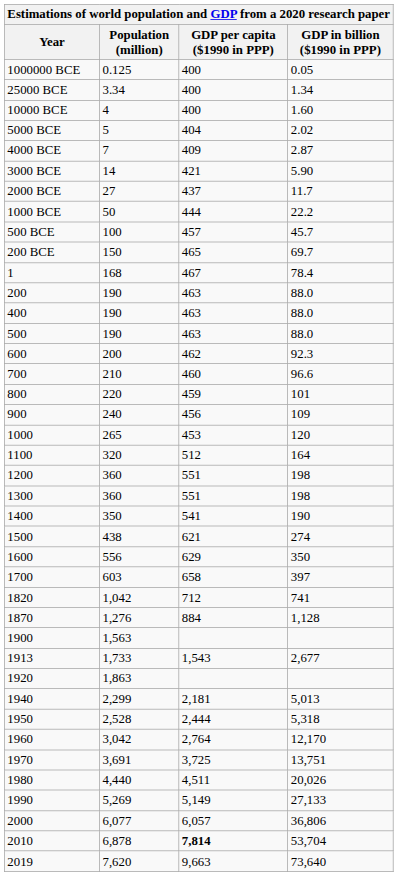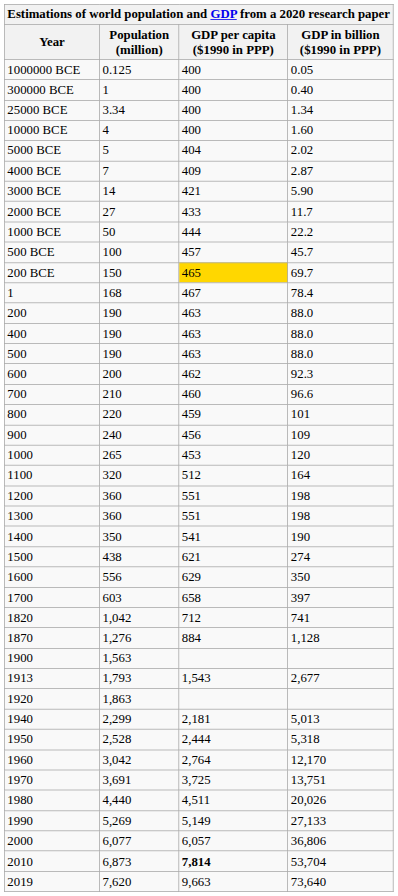 <table class="wikitable mw-collapsible ">
 <tr>
 <th style="text-align:center;" colspan="4">Estimations of world population and <a href='#'>GDP</a> from a 2020 research paper</th>
 </tr>
 <tr>
 <th>Year</th>
 <th>Population<br>(million)</th>
 <th>GDP per capita <br>($1990  in PPP)</th>
 <th>GDP in billion <br>($1990  in PPP)</th>
 </tr>
 <tr>
 <td>1000000 BCE</td>
 <td>0.125</td>
 <td>400</td>
 <td>0.05</td>
+</tr>
+<tr>
+<td>300000 BCE</td>
+<td>1</td>
+<td>400</td>
+<td>0.40</td>
 </tr>
 <tr>
 <td>25000 BCE</td>
 <td>3.34</td>
 <td>400</td>
 <td>1.34</td>
 </tr>
 <tr>
 <td>10000 BCE</td>
 <td>4</td>
 <td>400</td>
 <td>1.60</td>
 </tr>
 <tr>
 <td>5000 BCE</td>
 <td>5</td>
 <td>404</td>
 <td>2.02</td>
 </tr>
 <tr>
 <td>4000 BCE</td>
 <td>7</td>
 <td>409</td>
 <td>2.87</td>
 </tr>
 <tr>
 <td>3000 BCE</td>
 <td>14</td>
 <td>421</td>
 <td>5.90</td>
 </tr>
 <tr>
 <td>2000 BCE</td>
 <td>27</td>
-<td>437</td>
+<td>433</td>
 <td>11.7</td>
 </tr>
 <tr>
 <td>1000 BCE</td>
 <td>50</td>
 <td>444</td>
 <td>22.2</td>
 </tr>
 <tr>
 <td>500 BCE</td>
 <td>100</td>
 <td>457</td>
 <td>45.7</td>
 </tr>
 <tr>
 <td>200 BCE</td>
 <td>150</td>
-<td>465</td>
+<td style="background: gold;">465</td>
 <td>69.7</td>
 </tr>
 <tr>
 <td>1</td>
 <td>168</td>
 <td>467</td>
 <td>78.4</td>
 </tr>
 <tr>
 <td>200</td>
 <td>190</td>
 <td>463</td>
 <td>88.0</td>
 </tr>
 <tr>
 <td>400</td>
 <td>190</td>
 <td>463</td>
 <td>88.0</td>
 </tr>
 <tr>
 <td>500</td>
 <td>190</td>
 <td>463</td>
 <td>88.0</td>
 </tr>
 <tr>
 <td>600</td>
 <td>200</td>
 <td>462</td>
 <td>92.3</td>
 </tr>
 <tr>
 <td>700</td>
 <td>210</td>
 <td>460</td>
 <td>96.6</td>
 </tr>
 <tr>
 <td>800</td>
 <td>220</td>
 <td>459</td>
 <td>101</td>
 </tr>
 <tr>
 <td>900</td>
 <td>240</td>
 <td>456</td>
 <td>109</td>
 </tr>
 <tr>
 <td>1000</td>
 <td>265</td>
 <td>453</td>
 <td>120</td>
 </tr>
 <tr>
 <td>1100</td>
 <td>320</td>
 <td>512</td>
 <td>164</td>
 </tr>
 <tr>
 <td>1200</td>
 <td>360</td>
 <td>551</td>
 <td>198</td>
 </tr>
 <tr>
 <td>1300</td>
 <td>360</td>
 <td>551</td>
 <td>198</td>
 </tr>
 <tr>
 <td>1400</td>
 <td>350</td>
 <td>541</td>
 <td>190</td>
 </tr>
 <tr>
 <td>1500</td>
 <td>438</td>
 <td>621</td>
 <td>274</td>
 </tr>
 <tr>
 <td>1600</td>
 <td>556</td>
 <td>629</td>
 <td>350</td>
 </tr>
 <tr>
 <td>1700</td>
 <td>603</td>
 <td>658</td>
 <td>397</td>
 </tr>
 <tr>
 <td>1820</td>
 <td>1,042</td>
 <td>712</td>
 <td>741</td>
 </tr>
 <tr>
 <td>1870</td>
 <td>1,276</td>
 <td>884</td>
 <td>1,128</td>
 </tr>
 <tr>
 <td>1900</td>
 <td>1,563</td>
 <td></td>
 <td></td>
 </tr>
 <tr>
 <td>1913</td>
-<td>1,733</td>
+<td>1,793</td>
 <td>1,543</td>
 <td>2,677</td>
 </tr>
 <tr>
 <td>1920</td>
 <td>1,863</td>
 <td></td>
 <td></td>
 </tr>
 <tr>
 <td>1940</td>
 <td>2,299</td>
 <td>2,181</td>
 <td>5,013</td>
 </tr>
 <tr>
 <td>1950</td>
 <td>2,528</td>
 <td>2,444</td>
 <td>5,318</td>
 </tr>
 <tr>
 <td>1960</td>
 <td>3,042</td>
 <td>2,764</td>
 <td>12,170</td>
 </tr>
 <tr>
 <td>1970</td>
 <td>3,691</td>
 <td>3,725</td>
 <td>13,751</td>
 </tr>
 <tr>
 <td>1980</td>
 <td>4,440</td>
 <td>4,511</td>
 <td>20,026</td>
 </tr>
 <tr>
 <td>1990</td>
 <td>5,269</td>
 <td>5,149</td>
 <td>27,133</td>
 </tr>
 <tr>
 <td>2000</td>
 <td>6,077</td>
 <td>6,057</td>
 <td>36,806</td>
 </tr>
 <tr>
 <td>2010</td>
-<td>6,878</td>
+<td>6,873</td>
 <td><strong>7,814</strong></td>
 <td>53,704</td>
 </tr>
 <tr>
 <td>2019</td>
 <td>7,620</td>
 <td>9,663</td>
 <td>73,640</td>
 </tr>
 </table>
